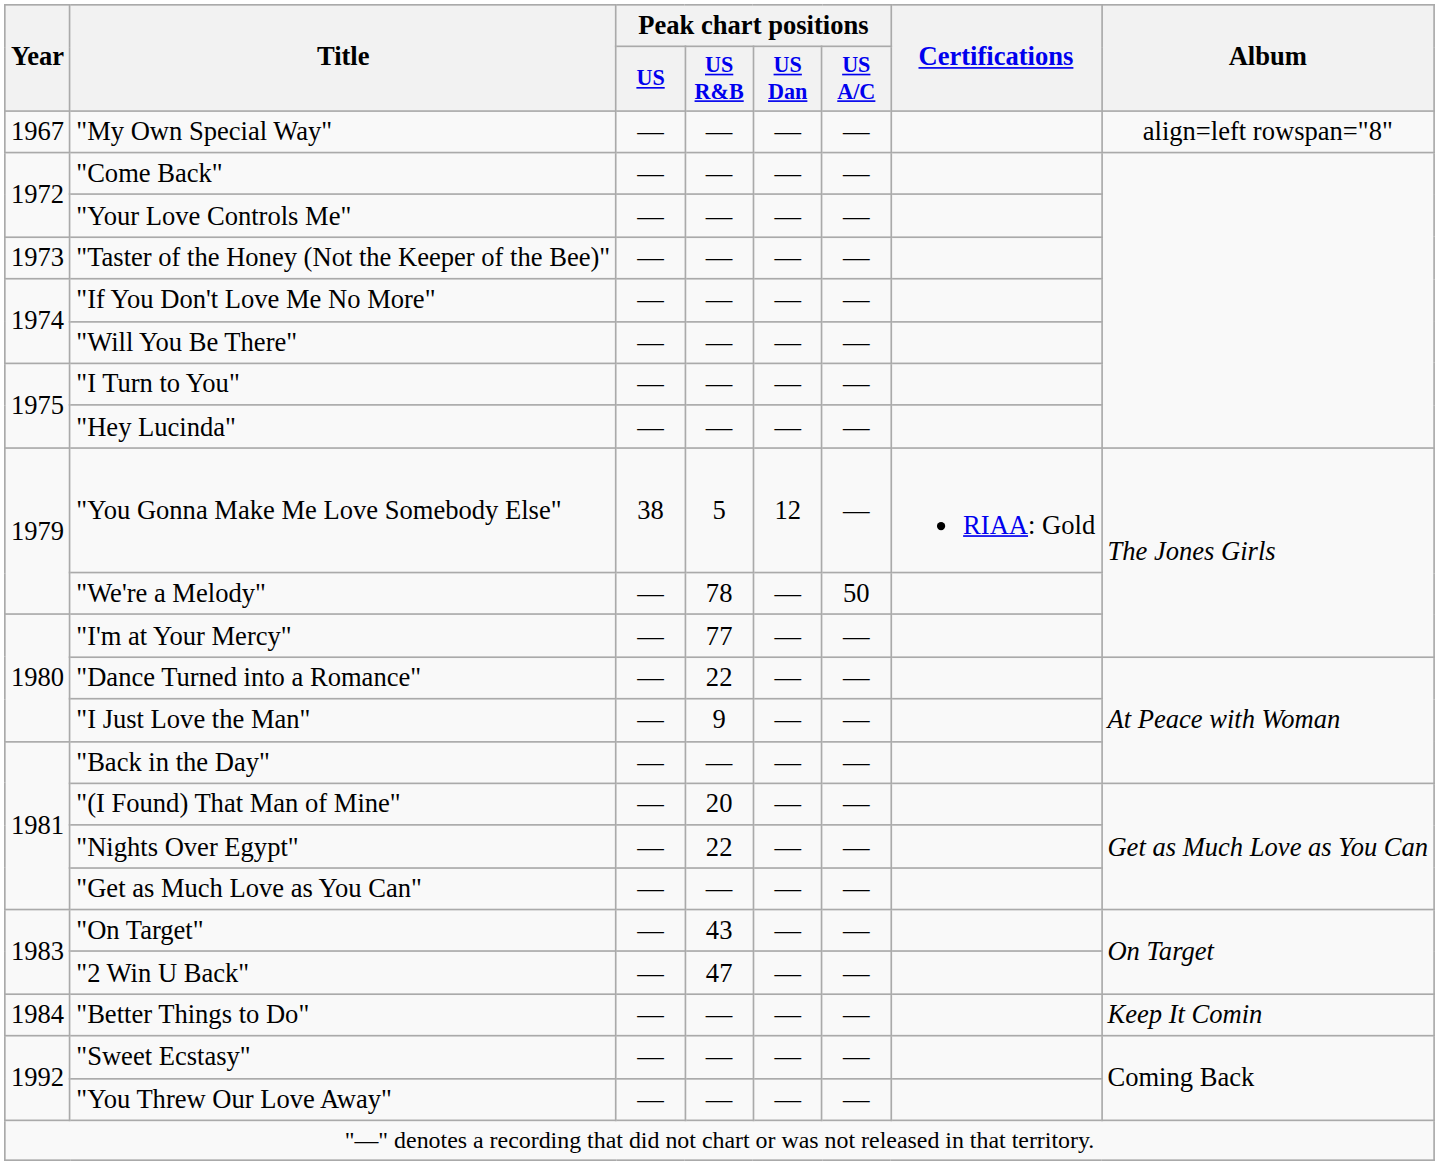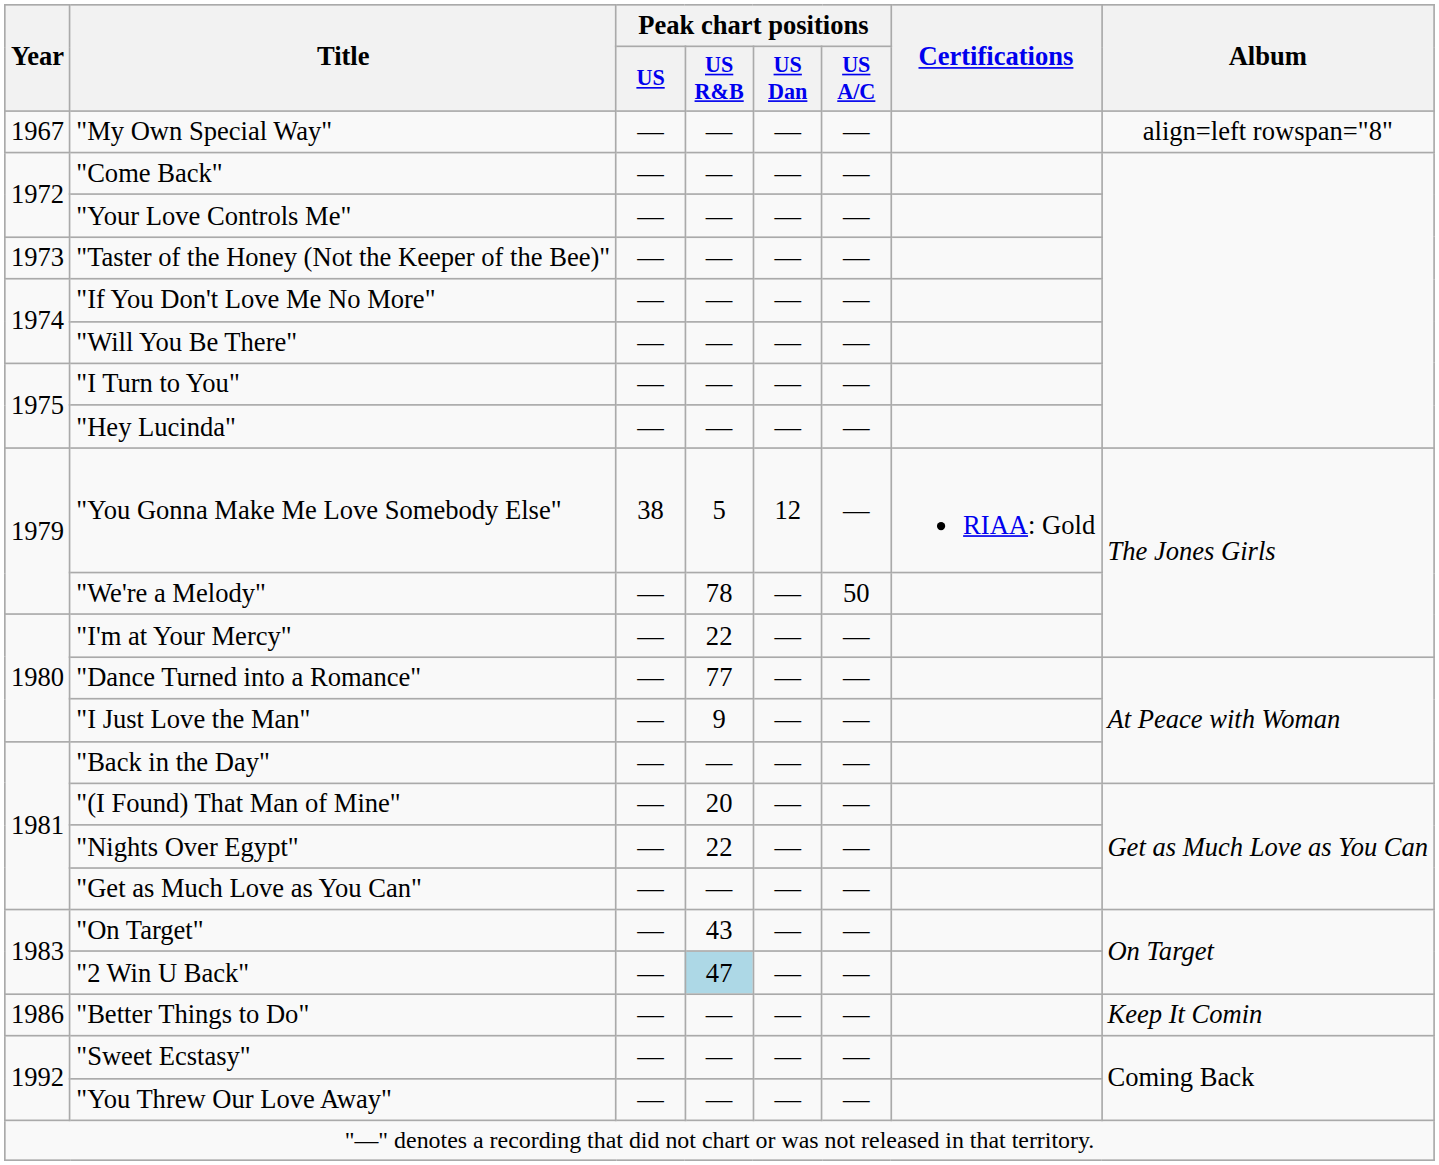 <table class="wikitable" style="text-align:center;">
 <tr>
 <th rowspan="2">Year</th>
 <th rowspan="2">Title</th>
 <th colspan="4">Peak chart positions</th>
 <th rowspan="2"><a href='#'>Certifications</a></th>
 <th rowspan="2">Album</th>
 </tr>
 <tr style="font-size:smaller;">
 <th width="35"><a href='#'>US</a><br></th>
 <th width="35"><a href='#'>US R&B</a><br></th>
 <th width="35"><a href='#'>US Dan</a><br></th>
 <th width="35"><a href='#'>US A/C</a><br></th>
 </tr>
 <tr>
 <td rowspan="1">1967</td>
 <td align="left">"My Own Special Way"</td>
 <td>—</td>
 <td>—</td>
 <td>—</td>
 <td>—</td>
 <td></td>
 <td>align=left rowspan="8" </td>
 </tr>
 <tr>
 <td rowspan="2">1972</td>
 <td align="left">"Come Back"</td>
 <td>—</td>
 <td>—</td>
 <td>—</td>
 <td>—</td>
 <td></td>
 </tr>
 <tr>
 <td align="left">"Your Love Controls Me"</td>
 <td>—</td>
 <td>—</td>
 <td>—</td>
 <td>—</td>
 <td></td>
 </tr>
 <tr>
 <td rowspan="1">1973</td>
 <td align="left">"Taster of the Honey (Not the Keeper of the Bee)"</td>
 <td>—</td>
 <td>—</td>
 <td>—</td>
 <td>—</td>
 <td></td>
 </tr>
 <tr>
 <td rowspan="2">1974</td>
 <td align="left">"If You Don't Love Me No More"</td>
 <td>—</td>
 <td>—</td>
 <td>—</td>
 <td>—</td>
 <td></td>
 </tr>
 <tr>
 <td align="left">"Will You Be There"</td>
 <td>—</td>
 <td>—</td>
 <td>—</td>
 <td>—</td>
 <td></td>
 </tr>
 <tr>
 <td rowspan="2">1975</td>
 <td align="left">"I Turn to You"</td>
 <td>—</td>
 <td>—</td>
 <td>—</td>
 <td>—</td>
 <td></td>
 </tr>
 <tr>
 <td align="left">"Hey Lucinda"</td>
 <td>—</td>
 <td>—</td>
 <td>—</td>
 <td>—</td>
 <td></td>
 </tr>
 <tr>
 <td rowspan="2">1979</td>
 <td align="left">"You Gonna Make Me Love Somebody Else"</td>
 <td>38</td>
 <td>5</td>
 <td>12</td>
 <td>—</td>
 <td><br><ul><li><a href='#'>RIAA</a>: Gold</li></ul></td>
 <td align="left" rowspan="3"><em>The Jones Girls</em></td>
 </tr>
 <tr>
 <td align="left">"We're a Melody"</td>
 <td>—</td>
 <td>78</td>
 <td>—</td>
 <td>50</td>
 <td></td>
 </tr>
 <tr>
 <td rowspan="3">1980</td>
 <td align="left">"I'm at Your Mercy"</td>
 <td>—</td>
-<td>77</td>
+<td>22</td>
 <td>—</td>
 <td>—</td>
 <td></td>
 </tr>
 <tr>
 <td align="left">"Dance Turned into a Romance"</td>
 <td>—</td>
-<td>22</td>
+<td>77</td>
 <td>—</td>
 <td>—</td>
 <td></td>
 <td align="left" rowspan="3"><em>At Peace with Woman</em></td>
 </tr>
 <tr>
 <td align="left">"I Just Love the Man"</td>
 <td>—</td>
 <td>9</td>
 <td>—</td>
 <td>—</td>
 <td></td>
 </tr>
 <tr>
 <td rowspan="4">1981</td>
 <td align="left">"Back in the Day"</td>
 <td>—</td>
 <td>—</td>
 <td>—</td>
 <td>—</td>
 <td></td>
 </tr>
 <tr>
 <td align="left">"(I Found) That Man of Mine"</td>
 <td>—</td>
 <td>20</td>
 <td>—</td>
 <td>—</td>
 <td></td>
 <td align="left" rowspan="3"><em>Get as Much Love as You Can</em></td>
 </tr>
 <tr>
 <td align="left">"Nights Over Egypt"</td>
 <td>—</td>
 <td>22</td>
 <td>—</td>
 <td>—</td>
 <td></td>
 </tr>
 <tr>
 <td align="left">"Get as Much Love as You Can"</td>
 <td>—</td>
 <td>—</td>
 <td>—</td>
 <td>—</td>
 <td></td>
 </tr>
 <tr>
 <td rowspan="2">1983</td>
 <td align="left">"On Target"</td>
 <td>—</td>
 <td>43</td>
 <td>—</td>
 <td>—</td>
 <td></td>
 <td align="left" rowspan="2"><em>On Target</em></td>
 </tr>
 <tr>
 <td align="left">"2 Win U Back"</td>
 <td>—</td>
-<td>47</td>
+<td style="background: lightblue;">47</td>
 <td>—</td>
 <td>—</td>
 <td></td>
 </tr>
 <tr>
-<td rowspan="1">1984</td>
+<td rowspan="1">1986</td>
 <td align="left">"Better Things to Do"</td>
 <td>—</td>
 <td>—</td>
 <td>—</td>
 <td>—</td>
 <td></td>
 <td align="left" rowspan="1"><em>Keep It Comin<strong></td>
 </tr>
 <tr>
 <td rowspan="2">1992</td>
 <td align="left">"Sweet Ecstasy"</td>
 <td>—</td>
 <td>—</td>
 <td>—</td>
 <td>—</td>
 <td></td>
 <td align="left" rowspan="2"></em>Coming Back<em></td>
 </tr>
 <tr>
 <td align="left">"You Threw Our Love Away"</td>
 <td>—</td>
 <td>—</td>
 <td>—</td>
 <td>—</td>
 <td></td>
 </tr>
 <tr>
 <td colspan="15" style="font-size:90%">"—" denotes a recording that did not chart or was not released in that territory.</td>
 </tr>
 </table>
